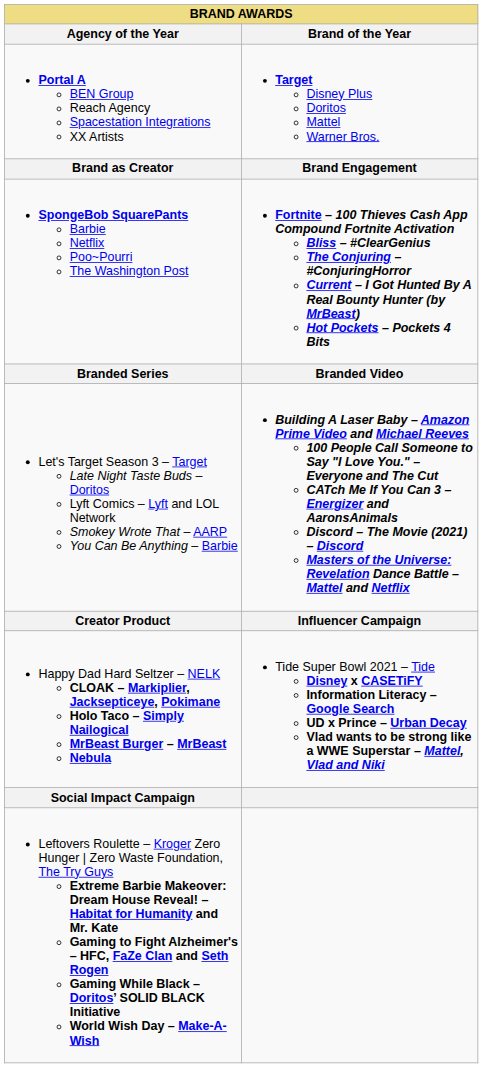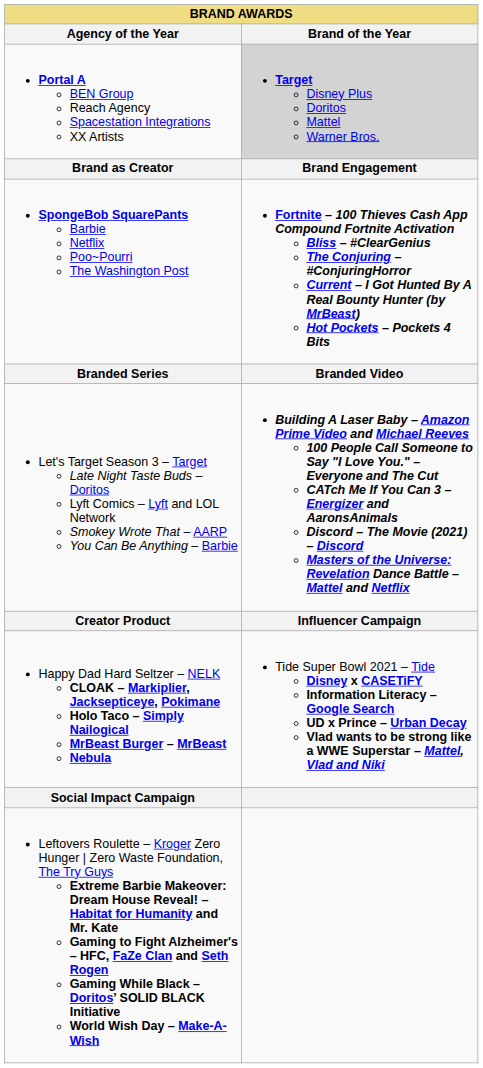 <table class="wikitable">
 <tr>
 <th colspan="2" style="background:#eedd82;"><strong>BRAND AWARDS</strong></th>
 </tr>
 <tr>
 <th width="50%">Agency of the Year</th>
 <th width="50%">Brand of the Year</th>
 </tr>
 <tr>
 <td valign="top"><br><ul><li><strong><a href='#'>Portal A</a></strong><ul><li><a href='#'>BEN Group</a></li><li>Reach Agency</li><li><a href='#'>Spacestation Integrations</a></li><li>XX Artists</li></ul></li></ul></td>
-<td valign="top"><br><ul><li><strong><a href='#'>Target</a></strong><ul><li><a href='#'>Disney Plus</a></li><li><a href='#'>Doritos</a></li><li><a href='#'>Mattel</a></li><li><a href='#'>Warner Bros.</a></li></ul></li></ul></td>
+<td valign="top" style="background: lightgrey;"><br><ul><li><strong><a href='#'>Target</a></strong><ul><li><a href='#'>Disney Plus</a></li><li><a href='#'>Doritos</a></li><li><a href='#'>Mattel</a></li><li><a href='#'>Warner Bros.</a></li></ul></li></ul></td>
 </tr>
 <tr>
 <th>Brand as Creator</th>
 <th>Brand Engagement</th>
 </tr>
 <tr>
 <td valign="top"><br><ul><li><strong><a href='#'>SpongeBob SquarePants</a></strong><ul><li><a href='#'>Barbie</a></li><li><a href='#'>Netflix</a></li><li><a href='#'>Poo~Pourri</a></li><li><a href='#'>The Washington Post</a></li></ul></li></ul></td>
 <td valign="top"><br><ul><li><strong><a href='#'>Fortnite</a> – <em>100 Thieves Cash App Compound Fortnite Activation<strong><em><ul><li><a href='#'>Bliss</a> – #ClearGenius</li><li><a href='#'>The Conjuring</a> – #ConjuringHorror</li><li><a href='#'>Current</a> – </em>I Got Hunted By A Real Bounty Hunter<em> (by <a href='#'>MrBeast</a>)</li><li><a href='#'>Hot Pockets</a> – </em>Pockets 4 Bits<em></li></ul></li></ul></td>
 </tr>
 <tr>
 <th>Branded Series</th>
 <th>Branded Video</th>
 </tr>
 <tr>
 <td><br><ul><li></em></strong>Let's Target</em> Season 3 – <a href='#'>Target</a></strong><ul><li><em>Late Night Taste Buds</em> – <a href='#'>Doritos</a></li><li>Lyft Comics – <a href='#'>Lyft</a> and LOL Network</li><li><em>Smokey Wrote That</em> – <a href='#'>AARP</a></li><li><em>You Can Be Anything</em> – <a href='#'>Barbie</a></li></ul></li></ul></td>
 <td><br><ul><li><strong><em>Building A Laser Baby<em> – <a href='#'>Amazon Prime Video</a> and <a href='#'>Michael Reeves</a><strong><ul><li></em>100 People Call Someone to Say "I Love You."<em> – Everyone and The Cut</li><li></em>CATch Me If You Can 3<em> – <a href='#'>Energizer</a> and AaronsAnimals</li><li></em>Discord – The Movie<em> (2021) – <a href='#'>Discord</a></li><li></em><a href='#'>Masters of the Universe: Revelation</a> Dance Battle<em> – <a href='#'>Mattel</a> and <a href='#'>Netflix</a></li></ul></li></ul></td>
 </tr>
 <tr>
 <th>Creator Product</th>
 <th>Influencer Campaign</th>
 </tr>
 <tr>
 <td><br><ul><li></strong>Happy Dad Hard Seltzer – <a href='#'>NELK</a><strong><ul><li>CLOAK – <a href='#'>Markiplier</a>, <a href='#'>Jacksepticeye</a>, <a href='#'>Pokimane</a></li><li>Holo Taco – <a href='#'>Simply Nailogical</a></li><li><a href='#'>MrBeast Burger</a> – <a href='#'>MrBeast</a></li><li><a href='#'>Nebula</a></li></ul></li></ul></td>
 <td><br><ul><li></strong>Tide Super Bowl 2021 – <a href='#'>Tide</a><strong><ul><li><a href='#'>Disney</a> x <a href='#'>CASETiFY</a></li><li>Information Literacy – <a href='#'>Google Search</a></li><li>UD x Prince – <a href='#'>Urban Decay</a></li><li></em>Vlad wants to be strong like a WWE Superstar<em> – <a href='#'>Mattel</a>, <a href='#'>Vlad and Niki</a></li></ul></li></ul></td>
 </tr>
 <tr>
 <th>Social Impact Campaign</th>
 <th></th>
 </tr>
 <tr>
 <td><br><ul><li></strong>Leftovers Roulette – <a href='#'>Kroger</a> Zero Hunger | Zero Waste Foundation, <a href='#'>The Try Guys</a><strong><ul><li>Extreme Barbie Makeover: Dream House Reveal! – <a href='#'>Habitat for Humanity</a> and Mr. Kate</li><li>Gaming to Fight Alzheimer's – HFC, <a href='#'>FaZe Clan</a> and <a href='#'>Seth Rogen</a></li><li>Gaming While Black – <a href='#'>Doritos</a>’ SOLID BLACK Initiative</li><li>World Wish Day – <a href='#'>Make-A-Wish</a></li></ul></li></ul></td>
 <td></td>
 </tr>
 </table>
